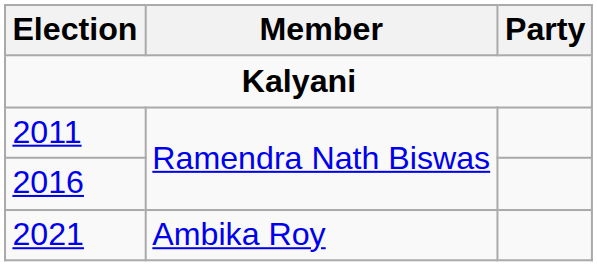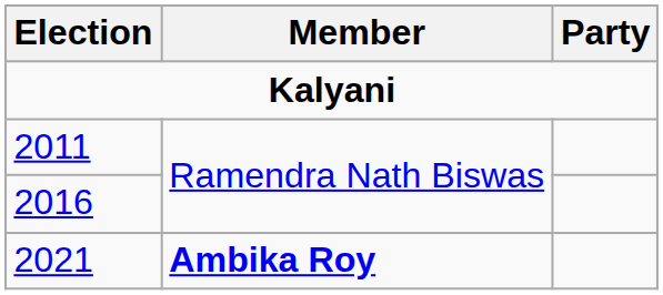 <table class="wikitable sortable"ìÍĦĤĠčw>
 <tr>
 <th>Election</th>
 <th>Member</th>
 <th colspan=2>Party</th>
 </tr>
 <tr>
 <td colspan="4" align=center><strong>Kalyani</strong></td>
 </tr>
 <tr>
 <td><a href='#'>2011</a></td>
 <td rowspan=2><a href='#'>Ramendra Nath Biswas</a></td>
 <td></td>
 </tr>
 <tr>
 <td><a href='#'>2016</a></td>
 </tr>
 <tr>
 <td><a href='#'>2021</a></td>
-<td><a href='#'>Ambika Roy</a></td>
+<td><strong><a href='#'>Ambika Roy</a></strong></td>
 <td></td>
 </tr>
 </table>
